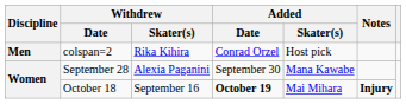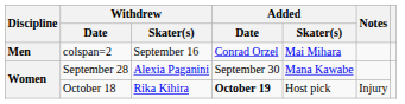 <table class="wikitable unsortable">
 <tr>
 <th scope="col" rowspan=2>Discipline</th>
 <th scope="col" colspan=2>Withdrew</th>
 <th scope="col" colspan=2>Added</th>
 <th scope="col" rowspan=2>Notes</th>
 <th scope="col" rowspan=2></th>
 </tr>
 <tr>
 <th>Date</th>
 <th>Skater(s)</th>
 <th>Date</th>
 <th>Skater(s)</th>
 </tr>
 <tr>
 <th scope="row" style="text-align:left">Men</th>
 <td>colspan=2 </td>
-<td> <a href='#'>Rika Kihira</a></td>
+<td>September 16</td>
 <td> <a href='#'>Conrad Orzel</a></td>
-<td>Host pick</td>
+<td> <a href='#'>Mai Mihara</a></td>
 <td></td>
 </tr>
 <tr>
 <th scope="row" style="text-align:left" rowspan=2>Women</th>
 <td>September 28</td>
 <td> <a href='#'>Alexia Paganini</a></td>
 <td>September 30</td>
 <td> <a href='#'>Mana Kawabe</a></td>
 <td></td>
 <td rowspan=2></td>
 </tr>
 <tr>
 <td>October 18</td>
-<td>September 16</td>
+<td> <a href='#'>Rika Kihira</a></td>
 <td><strong>October 19</strong></td>
-<td> <a href='#'>Mai Mihara</a></td>
-<td><strong>Injury</strong></td>
+<td>Host pick</td>
+<td>Injury</td>
 </tr>
 </table>
